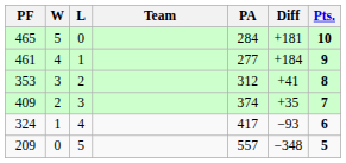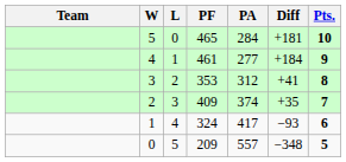 <table class=wikitable>
 <tr align=center>
-<th width=40px>PF</th>
+<th width=150px>Team</th>
 <th width=20px>W</th>
 <th width=20px>L</th>
-<th width=150px>Team</th>
+<th width=40px>PF</th>
 <th width=40px>PA</th>
 <th width=40px>Diff</th>
 <th width=30px><a href='#'>Pts.</a></th>
 </tr>
 <tr align=center bgcolor="#ccffcc">
-<td>465</td>
+<td align=left></td>
 <td>5</td>
 <td>0</td>
-<td align=left></td>
+<td>465</td>
 <td>284</td>
 <td>+181</td>
 <td><strong>10</strong></td>
 </tr>
 <tr align=center bgcolor="#ccffcc">
-<td>461</td>
+<td align=left></td>
 <td>4</td>
 <td>1</td>
-<td align=left></td>
+<td>461</td>
 <td>277</td>
 <td>+184</td>
 <td><strong>9</strong></td>
 </tr>
 <tr align=center bgcolor="#ccffcc">
-<td>353</td>
+<td align=left></td>
 <td>3</td>
 <td>2</td>
-<td align=left></td>
+<td>353</td>
 <td>312</td>
 <td>+41</td>
 <td><strong>8</strong></td>
 </tr>
 <tr align=center bgcolor="#ccffcc">
-<td>409</td>
+<td align=left></td>
 <td>2</td>
 <td>3</td>
-<td align=left></td>
+<td>409</td>
 <td>374</td>
 <td>+35</td>
 <td><strong>7</strong></td>
 </tr>
 <tr align=center>
-<td>324</td>
+<td align=left></td>
 <td>1</td>
 <td>4</td>
-<td align=left></td>
+<td>324</td>
 <td>417</td>
 <td>−93</td>
 <td><strong>6</strong></td>
 </tr>
 <tr align=center>
-<td>209</td>
+<td align=left></td>
 <td>0</td>
 <td>5</td>
-<td align=left></td>
+<td>209</td>
 <td>557</td>
 <td>−348</td>
 <td><strong>5</strong></td>
 </tr>
 </table>
